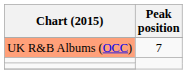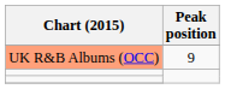 <table class="wikitable sortable">
 <tr>
 <th align="left">Chart (2015)</th>
 <th align="left">Peak<br>position</th>
 </tr>
 <tr>
 </tr>
 <tr>
 </tr>
 <tr>
 <td align="left" style="background: lightsalmon;">UK R&B Albums (<a href='#'>OCC</a>)</td>
-<td style="text-align:center;">7</td>
+<td style="text-align:center;">9</td>
 </tr>
 <tr>
 <td></td>
 </tr>
 <tr>
 <td></td>
 </tr>
 <tr>
 </tr>
 </table>
